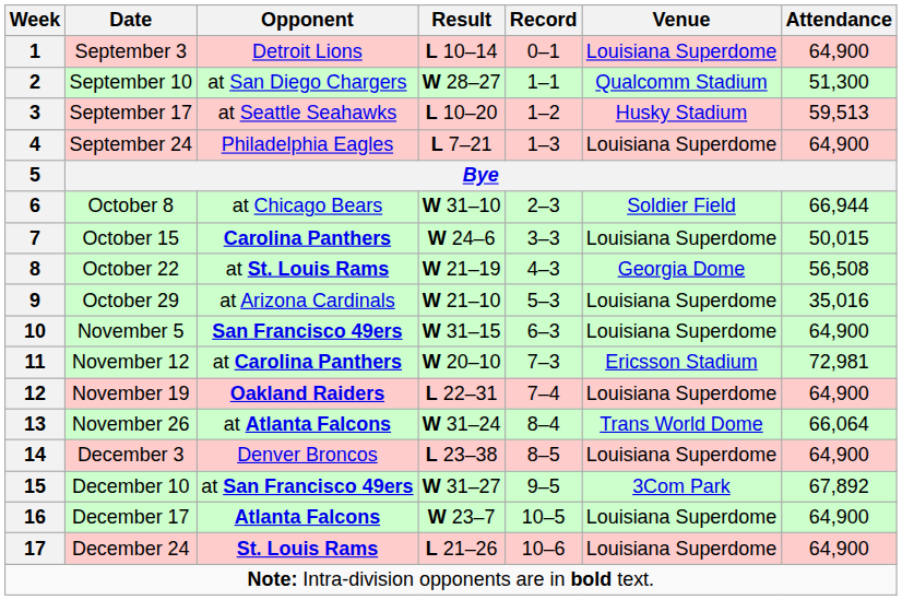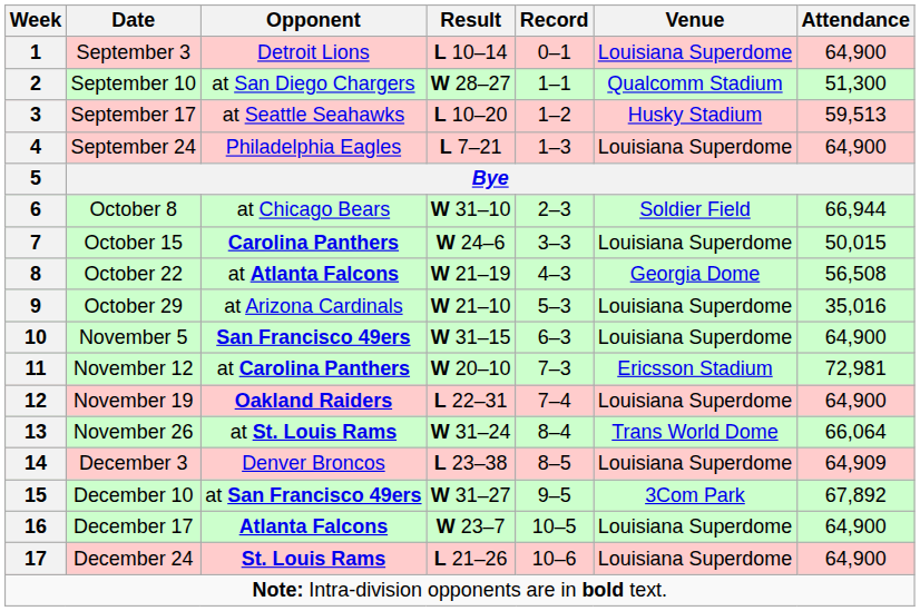 <table class="wikitable"  style="text-align: center;">
 <tr>
 <th>Week</th>
 <th>Date</th>
 <th>Opponent</th>
 <th>Result</th>
 <th>Record</th>
 <th>Venue</th>
 <th>Attendance</th>
 </tr>
 <tr style="background:#fcc">
 <th>1</th>
 <td>September 3</td>
 <td><a href='#'>Detroit Lions</a></td>
 <td><strong>L</strong> 10–14</td>
 <td>0–1</td>
 <td><a href='#'>Louisiana Superdome</a></td>
 <td>64,900</td>
 </tr>
 <tr style="background:#cfc">
 <th>2</th>
 <td>September 10</td>
 <td>at <a href='#'>San Diego Chargers</a></td>
 <td><strong>W</strong> 28–27</td>
 <td>1–1</td>
 <td><a href='#'>Qualcomm Stadium</a></td>
 <td>51,300</td>
 </tr>
 <tr style="background:#fcc">
 <th>3</th>
 <td>September 17</td>
 <td>at <a href='#'>Seattle Seahawks</a></td>
 <td><strong>L</strong> 10–20</td>
 <td>1–2</td>
 <td><a href='#'>Husky Stadium</a></td>
 <td>59,513</td>
 </tr>
 <tr style="background:#fcc">
 <th>4</th>
 <td>September 24</td>
 <td><a href='#'>Philadelphia Eagles</a></td>
 <td><strong>L</strong> 7–21</td>
 <td>1–3</td>
 <td>Louisiana Superdome</td>
 <td>64,900</td>
 </tr>
 <tr>
 <th>5</th>
 <th colspan=6><em><a href='#'>Bye</a></em></th>
 </tr>
 <tr style="background:#cfc">
 <th>6</th>
 <td>October 8</td>
 <td>at <a href='#'>Chicago Bears</a></td>
 <td><strong>W</strong> 31–10</td>
 <td>2–3</td>
 <td><a href='#'>Soldier Field</a></td>
 <td>66,944</td>
 </tr>
 <tr style="background:#cfc">
 <th>7</th>
 <td>October 15</td>
 <td><strong><a href='#'>Carolina Panthers</a></strong></td>
 <td><strong>W</strong> 24–6</td>
 <td>3–3</td>
 <td>Louisiana Superdome</td>
 <td>50,015</td>
 </tr>
 <tr style="background:#cfc">
 <th>8</th>
 <td>October 22</td>
-<td>at <strong><a href='#'>St. Louis Rams</a></strong></td>
+<td>at <strong><a href='#'>Atlanta Falcons</a></strong></td>
 <td><strong>W</strong> 21–19</td>
 <td>4–3</td>
 <td><a href='#'>Georgia Dome</a></td>
 <td>56,508</td>
 </tr>
 <tr style="background:#cfc">
 <th>9</th>
 <td>October 29</td>
 <td>at <a href='#'>Arizona Cardinals</a></td>
 <td><strong>W</strong> 21–10</td>
 <td>5–3</td>
 <td>Louisiana Superdome</td>
 <td>35,016</td>
 </tr>
 <tr style="background:#cfc">
 <th>10</th>
 <td>November 5</td>
 <td><strong><a href='#'>San Francisco 49ers</a></strong></td>
 <td><strong>W</strong> 31–15</td>
 <td>6–3</td>
 <td>Louisiana Superdome</td>
 <td>64,900</td>
 </tr>
 <tr style="background:#cfc">
 <th>11</th>
 <td>November 12</td>
 <td>at <strong><a href='#'>Carolina Panthers</a></strong></td>
 <td><strong>W</strong> 20–10</td>
 <td>7–3</td>
 <td><a href='#'>Ericsson Stadium</a></td>
 <td>72,981</td>
 </tr>
 <tr style="background:#fcc">
 <th>12</th>
 <td>November 19</td>
 <td><strong><a href='#'>Oakland Raiders</a></strong></td>
 <td><strong>L</strong> 22–31</td>
 <td>7–4</td>
 <td>Louisiana Superdome</td>
 <td>64,900</td>
 </tr>
 <tr style="background:#cfc">
 <th>13</th>
 <td>November 26</td>
-<td>at <strong><a href='#'>Atlanta Falcons</a></strong></td>
+<td>at <strong><a href='#'>St. Louis Rams</a></strong></td>
 <td><strong>W</strong> 31–24</td>
 <td>8–4</td>
 <td><a href='#'>Trans World Dome</a></td>
 <td>66,064</td>
 </tr>
 <tr style="background:#fcc">
 <th>14</th>
 <td>December 3</td>
 <td><a href='#'>Denver Broncos</a></td>
 <td><strong>L</strong> 23–38</td>
 <td>8–5</td>
 <td>Louisiana Superdome</td>
-<td>64,900</td>
+<td>64,909</td>
 </tr>
 <tr style="background:#cfc">
 <th>15</th>
 <td>December 10</td>
 <td>at <strong><a href='#'>San Francisco 49ers</a></strong></td>
 <td><strong>W</strong> 31–27</td>
 <td>9–5</td>
 <td><a href='#'>3Com Park</a></td>
 <td>67,892</td>
 </tr>
 <tr style="background:#cfc">
 <th>16</th>
 <td>December 17</td>
 <td><strong><a href='#'>Atlanta Falcons</a></strong></td>
 <td><strong>W</strong> 23–7</td>
 <td>10–5</td>
 <td>Louisiana Superdome</td>
 <td>64,900</td>
 </tr>
 <tr style="background:#fcc">
 <th>17</th>
 <td>December 24</td>
 <td><strong><a href='#'>St. Louis Rams</a></strong></td>
 <td><strong>L</strong> 21–26</td>
 <td>10–6</td>
 <td>Louisiana Superdome</td>
 <td>64,900</td>
 </tr>
 <tr>
 <td colspan="8"><strong>Note:</strong> Intra-division opponents are in <strong>bold</strong> text.</td>
 </tr>
 </table>
